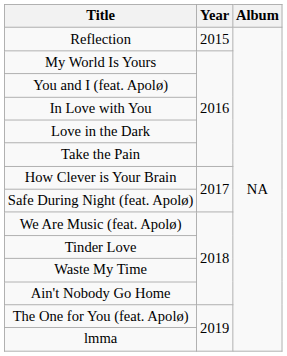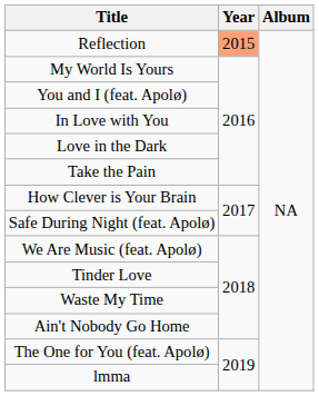 <table class="wikitable plainrowheaders" style="text-align:center;">
 <tr>
 <th>Title</th>
 <th>Year</th>
 <th>Album</th>
 </tr>
 <tr>
 <td>Reflection</td>
-<td>2015</td>
+<td style="background: lightsalmon;">2015</td>
 <td rowspan="14">NA</td>
 </tr>
 <tr>
 <td>My World Is Yours</td>
 <td rowspan="5">2016</td>
 </tr>
 <tr>
 <td>You and I (feat. Apolø)</td>
 </tr>
 <tr>
 <td>In Love with You</td>
 </tr>
 <tr>
 <td>Love in the Dark</td>
 </tr>
 <tr>
 <td>Take the Pain</td>
 </tr>
 <tr>
 <td>How Clever is Your Brain</td>
 <td rowspan="2">2017</td>
 </tr>
 <tr>
 <td>Safe During Night (feat. Apolø)</td>
 </tr>
 <tr>
 <td>We Are Music (feat. Apolø) </td>
 <td rowspan="4">2018</td>
 </tr>
 <tr>
 <td>Tinder Love</td>
 </tr>
 <tr>
 <td>Waste My Time</td>
 </tr>
 <tr>
 <td>Ain't Nobody Go Home </td>
 </tr>
 <tr>
 <td>The One for You (feat. Apolø) </td>
 <td rowspan="2">2019</td>
 </tr>
 <tr>
 <td>lmma</td>
 </tr>
 </table>
